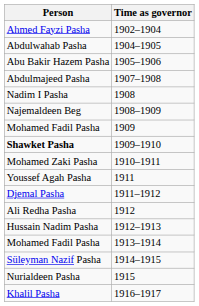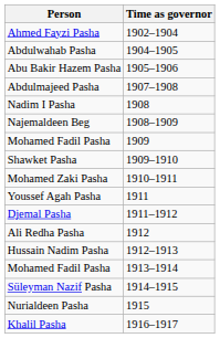 <table class="wikitable">
 <tr>
 <th>Person</th>
 <th>Time as governor</th>
 </tr>
 <tr>
 <td><a href='#'>Ahmed Fayzi Pasha</a></td>
 <td>1902–1904</td>
 </tr>
 <tr>
 <td>Abdulwahab Pasha</td>
 <td>1904–1905</td>
 </tr>
 <tr>
 <td>Abu Bakir Hazem Pasha</td>
 <td>1905–1906</td>
 </tr>
 <tr>
 <td>Abdulmajeed Pasha</td>
 <td>1907–1908</td>
 </tr>
 <tr>
 <td>Nadim I Pasha</td>
 <td>1908</td>
 </tr>
 <tr>
 <td>Najemaldeen Beg</td>
 <td>1908–1909</td>
 </tr>
 <tr>
 <td>Mohamed Fadil Pasha</td>
 <td>1909</td>
 </tr>
 <tr>
-<td><strong>Shawket Pasha</strong></td>
+<td>Shawket Pasha</td>
 <td>1909–1910</td>
 </tr>
 <tr>
 <td>Mohamed Zaki Pasha</td>
 <td>1910–1911</td>
 </tr>
 <tr>
 <td>Youssef Agah Pasha</td>
 <td>1911</td>
 </tr>
 <tr>
 <td><a href='#'>Djemal Pasha</a></td>
 <td>1911–1912</td>
 </tr>
 <tr>
 <td>Ali Redha Pasha</td>
 <td>1912</td>
 </tr>
 <tr>
 <td>Hussain Nadim Pasha</td>
 <td>1912–1913</td>
 </tr>
 <tr>
 <td>Mohamed Fadil Pasha</td>
 <td>1913–1914</td>
 </tr>
 <tr>
 <td><a href='#'>Süleyman Nazif</a> Pasha</td>
 <td>1914–1915</td>
 </tr>
 <tr>
 <td>Nurialdeen Pasha</td>
 <td>1915</td>
 </tr>
 <tr>
 <td><a href='#'>Khalil Pasha</a></td>
 <td>1916–1917</td>
 </tr>
 </table>
